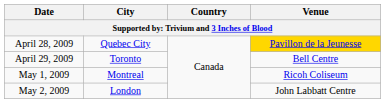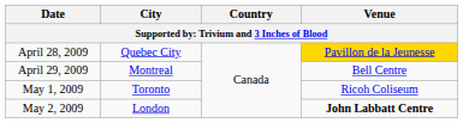 <table class="wikitable" style="text-align:center;">
 <tr>
 <th width="150">Date</th>
 <th width="150">City</th>
 <th width="150">Country</th>
 <th width="250">Venue</th>
 </tr>
 <tr>
 <th colspan="4"><small>Supported by: Trivium and <a href='#'>3 Inches of Blood</a></small></th>
 </tr>
 <tr>
 <td>April 28, 2009</td>
 <td><a href='#'>Quebec City</a></td>
 <td rowspan="4">Canada</td>
 <td style="background: gold;"><a href='#'>Pavillon de la Jeunesse</a></td>
 </tr>
 <tr>
 <td>April 29, 2009</td>
-<td><a href='#'>Toronto</a></td>
+<td><a href='#'>Montreal</a></td>
 <td><a href='#'>Bell Centre</a></td>
 </tr>
 <tr>
 <td>May 1, 2009</td>
-<td><a href='#'>Montreal</a></td>
+<td><a href='#'>Toronto</a></td>
 <td><a href='#'>Ricoh Coliseum</a></td>
 </tr>
 <tr>
 <td>May 2, 2009</td>
 <td><a href='#'>London</a></td>
-<td>John Labbatt Centre</td>
+<td><strong>John Labbatt Centre</strong></td>
 </tr>
 </table>
